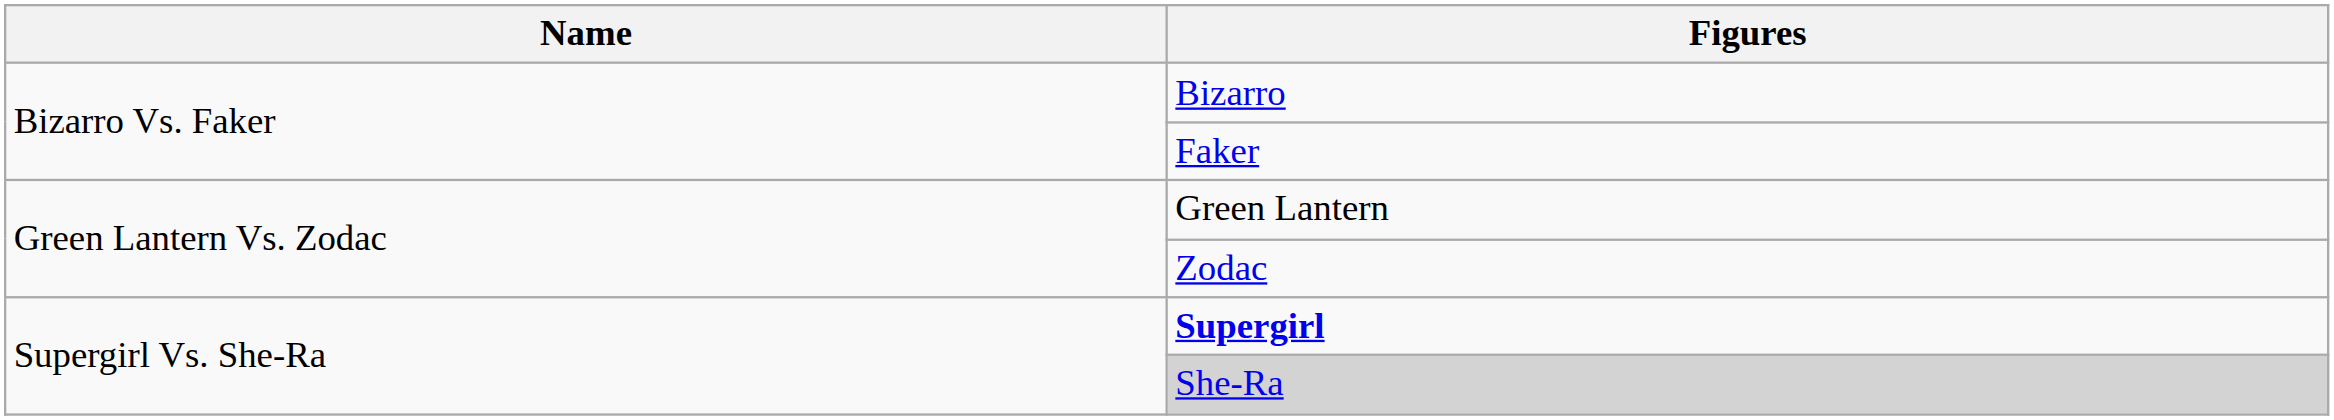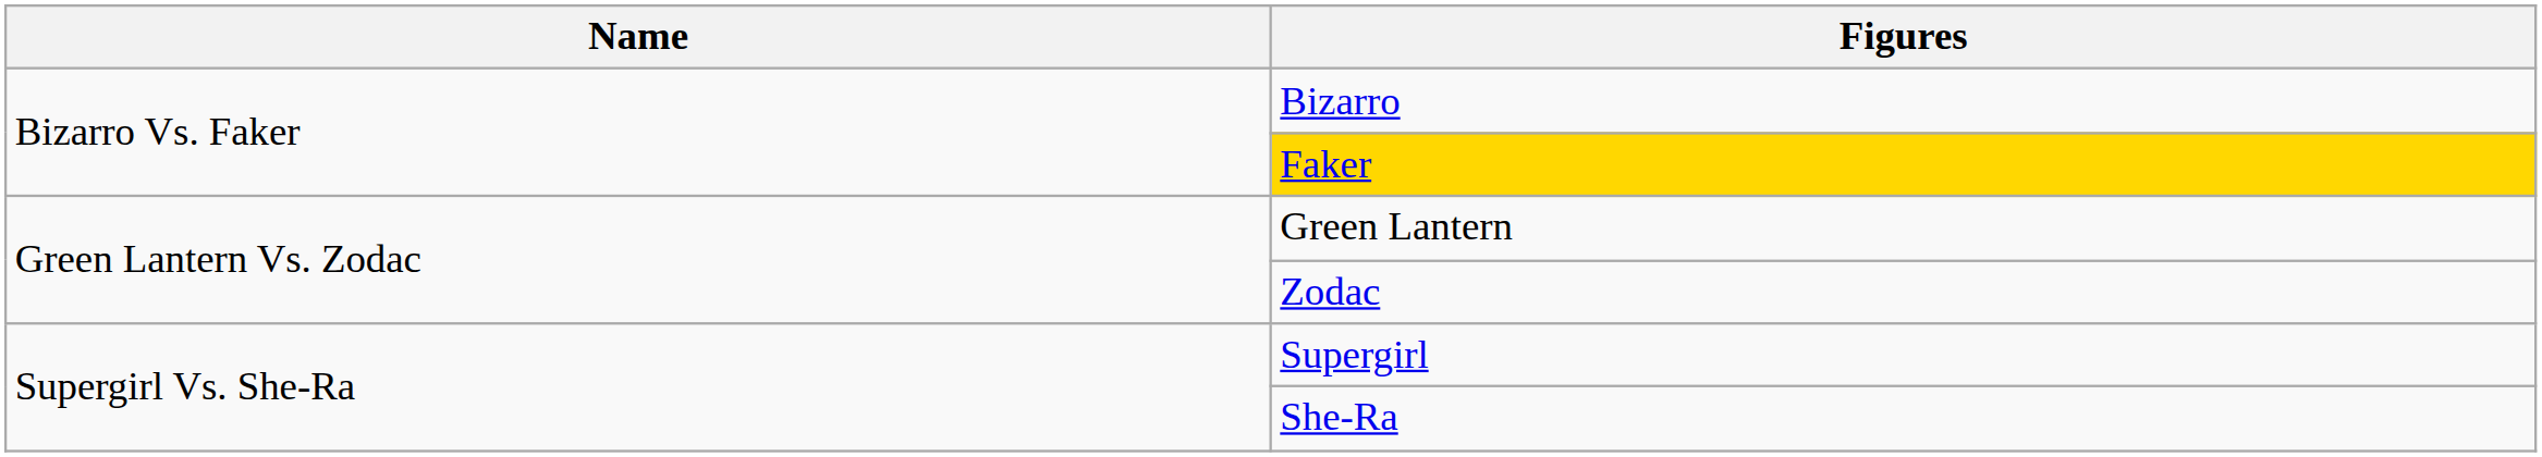 <table class="wikitable" style="width:80%;">
 <tr>
 <th width=20%><strong>Name</strong></th>
 <th width=20%><strong>Figures</strong></th>
 </tr>
 <tr>
 <td rowspan=2>Bizarro Vs. Faker</td>
 <td><a href='#'>Bizarro</a></td>
 </tr>
 <tr>
-<td><a href='#'>Faker</a></td>
+<td style="background: gold;"><a href='#'>Faker</a></td>
 </tr>
 <tr>
 <td rowspan=2>Green Lantern Vs. Zodac</td>
 <td>Green Lantern</td>
 </tr>
 <tr>
 <td><a href='#'>Zodac</a></td>
 </tr>
 <tr>
 <td rowspan=2>Supergirl Vs. She-Ra</td>
-<td><strong><a href='#'>Supergirl</a></strong></td>
+<td><a href='#'>Supergirl</a></td>
 </tr>
 <tr>
-<td style="background: lightgrey;"><a href='#'>She-Ra</a></td>
+<td><a href='#'>She-Ra</a></td>
 </tr>
 </table>
